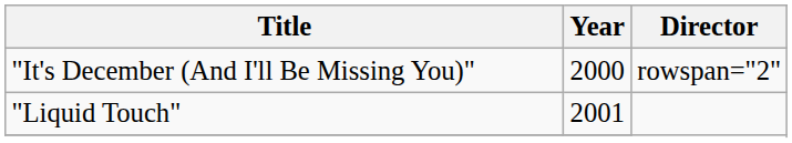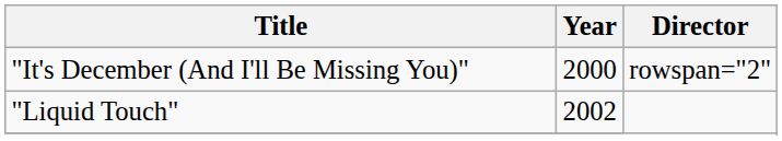 <table class="wikitable">
 <tr>
 <th scope="col" style="width:20em;">Title</th>
 <th>Year</th>
 <th>Director</th>
 </tr>
 <tr>
 <td scope="row">"It's December (And I'll Be Missing You)"</td>
 <td>2000</td>
 <td>rowspan="2" </td>
 </tr>
 <tr>
 <td scope="row">"Liquid Touch"</td>
-<td>2001</td>
+<td>2002</td>
 </tr>
 <tr>
 </tr>
 </table>
